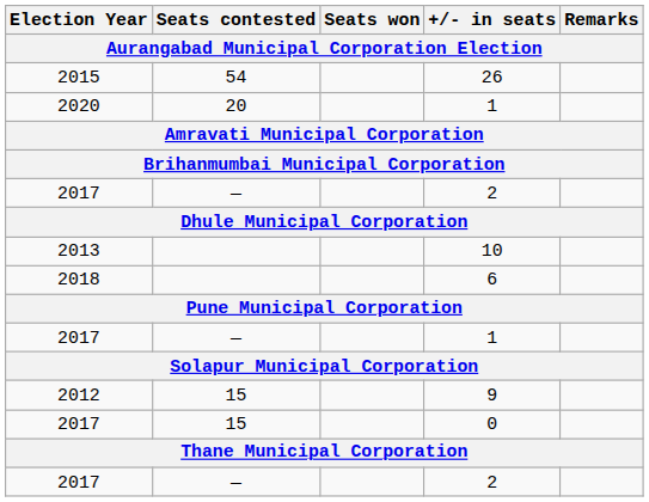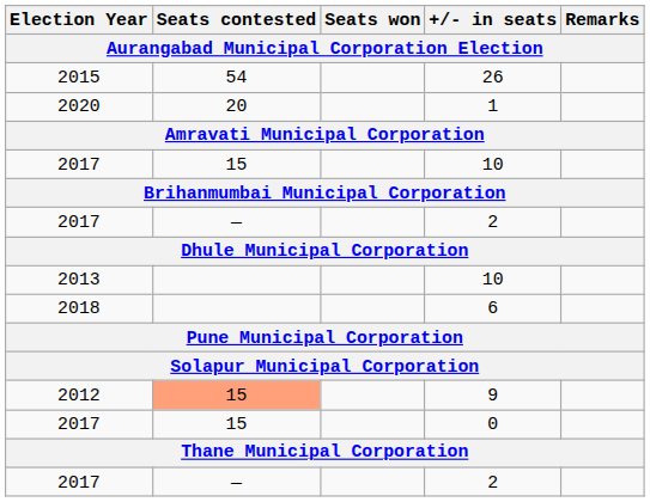 <table class="wikitable" style="text-align:center">
 <tr>
 <th Style="background-color:">Election Year</th>
 <th Style="background-color:">Seats contested</th>
 <th Style="background-color:">Seats won</th>
 <th Style="background-color:">+/- in seats</th>
 <th Style="background-color:">Remarks</th>
 </tr>
 <tr>
 <th colspan="5"><a href='#'>Aurangabad Municipal Corporation Election</a></th>
 </tr>
 <tr>
 <td>2015<br></td>
 <td>54</td>
 <td></td>
 <td> 26</td>
 <td></td>
 </tr>
 <tr>
 <td>2020</td>
 <td>20</td>
 <td></td>
 <td> 1</td>
 <td></td>
 </tr>
 <tr>
 <th colspan="5"><a href='#'>Amravati Municipal Corporation</a></th>
+</tr>
+<tr>
+<td>2017<br></td>
+<td>15</td>
+<td></td>
+<td> 10</td>
+<td></td>
 </tr>
 <tr>
 <th colspan="5"><a href='#'>Brihanmumbai Municipal Corporation</a></th>
 </tr>
 <tr>
 <td>2017<br></td>
 <td>—</td>
 <td></td>
 <td> 2</td>
 <td></td>
 </tr>
 <tr>
 <th colspan="5"><a href='#'>Dhule Municipal Corporation</a></th>
 </tr>
 <tr>
 <td>2013<br></td>
 <td></td>
 <td></td>
 <td> 10</td>
 <td></td>
 </tr>
 <tr>
 <td>2018</td>
 <td></td>
 <td></td>
 <td> 6</td>
 <td></td>
 </tr>
 <tr>
 <th colspan="5"><a href='#'>Pune Municipal Corporation</a></th>
 </tr>
 <tr>
-<td>2017<br></td>
-<td>—</td>
-<td></td>
-<td> 1</td>
-<td></td>
-</tr>
-<tr>
 <th colspan="5"><a href='#'>Solapur Municipal Corporation</a></th>
 </tr>
 <tr>
 <td>2012<br></td>
-<td>15</td>
+<td style="background: lightsalmon;">15</td>
 <td></td>
 <td> 9</td>
 <td></td>
 </tr>
 <tr>
 <td>2017</td>
 <td>15</td>
 <td></td>
 <td> 0</td>
 <td></td>
 </tr>
 <tr>
 <th colspan="5"><a href='#'>Thane Municipal Corporation</a></th>
 </tr>
 <tr>
 <td>2017<br></td>
 <td>—</td>
 <td></td>
 <td> 2</td>
 <td></td>
 </tr>
 </table>
